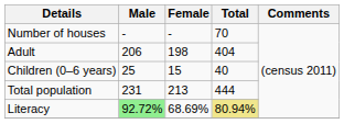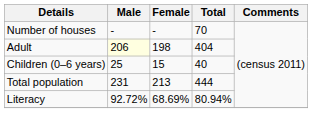 <table class="wikitable sortable">
 <tr>
 <th>Details</th>
 <th>Male</th>
 <th>Female</th>
 <th>Total</th>
 <th>Comments</th>
 </tr>
 <tr>
 <td>Number of houses</td>
 <td>-</td>
 <td>-</td>
 <td>70</td>
 <td rowspan="5">(census 2011) </td>
 </tr>
 <tr>
 <td>Adult</td>
-<td>206</td>
+<td style="background: lightyellow;">206</td>
 <td>198</td>
 <td>404</td>
 </tr>
 <tr>
 <td>Children (0–6 years)</td>
 <td>25</td>
 <td>15</td>
 <td>40</td>
 </tr>
 <tr>
 <td>Total population</td>
 <td>231</td>
 <td>213</td>
 <td>444</td>
 </tr>
 <tr>
 <td>Literacy</td>
-<td style="background: lightgreen;">92.72%</td>
+<td>92.72%</td>
 <td>68.69%</td>
-<td style="background: khaki;">80.94%</td>
+<td>80.94%</td>
 </tr>
 <tr>
 </tr>
 </table>
